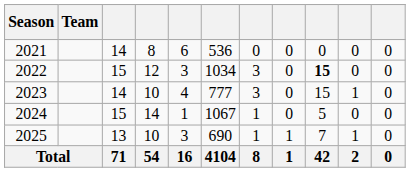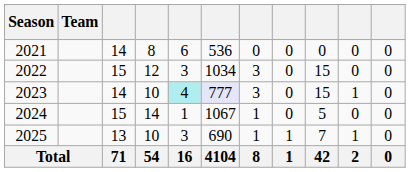 <table class="wikitable" style="text-align:center; line-height:90%; font-size:95%;">
 <tr style="line-height:175%;">
 <th>Season</th>
 <th>Team</th>
 <th style="width:25px;"></th>
 <th style="width:25px;"></th>
 <th style="width:25px;"></th>
 <th style="width:25px;"></th>
 <th style="width:25px;"></th>
 <th style="width:25px;"></th>
 <th style="width:25px;"></th>
 <th style="width:25px;"></th>
 <th style="width:25px;"></th>
 </tr>
 <tr>
 <td>2021</td>
 <td></td>
 <td>14</td>
 <td>8</td>
 <td>6</td>
 <td>536</td>
 <td>0</td>
 <td>0</td>
 <td>0</td>
 <td>0</td>
 <td>0</td>
 </tr>
 <tr>
 <td>2022</td>
 <td></td>
 <td>15</td>
 <td>12</td>
 <td>3</td>
 <td>1034</td>
 <td>3</td>
 <td>0</td>
-<td><strong>15</strong></td>
+<td>15</td>
 <td>0</td>
 <td>0</td>
 </tr>
 <tr>
 <td>2023</td>
 <td></td>
 <td>14</td>
 <td>10</td>
-<td>4</td>
-<td>777</td>
+<td style="background: paleturquoise;">4</td>
+<td style="background: lavender;">777</td>
 <td>3</td>
 <td>0</td>
 <td>15</td>
 <td>1</td>
 <td>0</td>
 </tr>
 <tr>
 <td>2024</td>
 <td></td>
 <td>15</td>
 <td>14</td>
 <td>1</td>
 <td>1067</td>
 <td>1</td>
 <td>0</td>
 <td>5</td>
 <td>0</td>
 <td>0</td>
 </tr>
 <tr>
 <td>2025</td>
 <td></td>
 <td>13</td>
 <td>10</td>
 <td>3</td>
 <td>690</td>
 <td>1</td>
 <td>1</td>
 <td>7</td>
 <td>1</td>
 <td>0</td>
 </tr>
 <tr>
 <th colspan="2">Total</th>
 <th>71</th>
 <th>54</th>
 <th>16</th>
 <th>4104</th>
 <th>8</th>
 <th>1</th>
 <th>42</th>
 <th>2</th>
 <th>0</th>
 </tr>
 </table>
